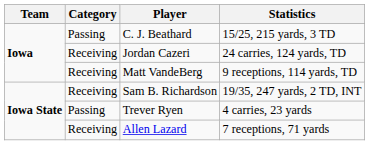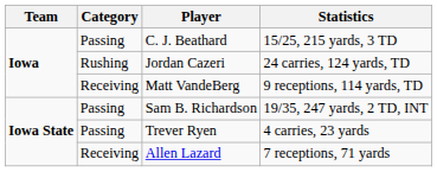 <table class="wikitable" style="float: left;">
 <tr>
 <th>Team</th>
 <th>Category</th>
 <th>Player</th>
 <th>Statistics</th>
 </tr>
 <tr>
 <td rowspan=3><strong>Iowa</strong></td>
 <td>Passing</td>
 <td>C. J. Beathard</td>
 <td>15/25, 215 yards, 3 TD</td>
 </tr>
 <tr>
-<td>Receiving</td>
+<td>Rushing</td>
 <td>Jordan Cazeri</td>
 <td>24 carries, 124 yards, TD</td>
 </tr>
 <tr>
 <td>Receiving</td>
 <td>Matt VandeBerg</td>
 <td>9 receptions, 114 yards, TD</td>
 </tr>
 <tr>
 <td rowspan=3><strong>Iowa State</strong></td>
-<td>Receiving</td>
+<td>Passing</td>
 <td>Sam B. Richardson</td>
 <td>19/35, 247 yards, 2 TD, INT</td>
 </tr>
 <tr>
 <td>Passing</td>
 <td>Trever Ryen</td>
 <td>4 carries, 23 yards</td>
 </tr>
 <tr>
 <td>Receiving</td>
 <td><a href='#'>Allen Lazard</a></td>
 <td>7 receptions, 71 yards</td>
 </tr>
 </table>
